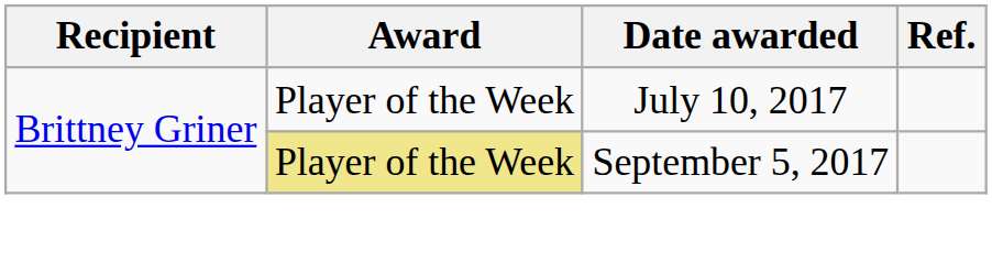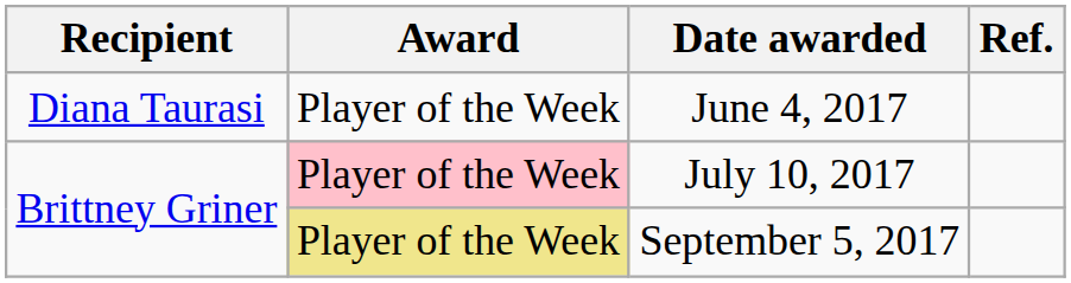 <table class="wikitable sortable sortable" style="text-align: center">
 <tr>
 <th>Recipient</th>
 <th>Award</th>
 <th>Date awarded</th>
 <th>Ref.</th>
 </tr>
 <tr>
+<td><a href='#'>Diana Taurasi</a></td>
+<td>Player of the Week</td>
+<td>June 4, 2017</td>
+<td></td>
+</tr>
+<tr>
 <td rowspan="2"><a href='#'>Brittney Griner</a></td>
-<td>Player of the Week</td>
+<td style="background: pink;">Player of the Week</td>
 <td>July 10, 2017</td>
 <td></td>
 </tr>
 <tr>
 <td style="background: khaki;">Player of the Week</td>
 <td>September 5, 2017</td>
 <td></td>
 </tr>
 </table>
